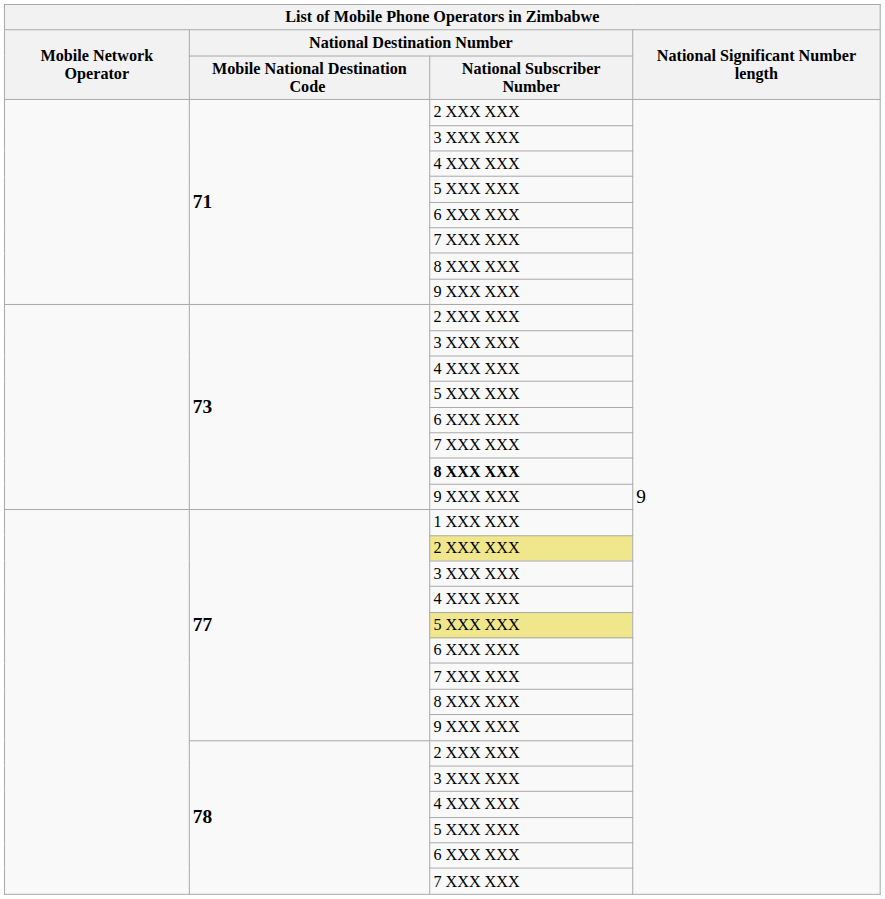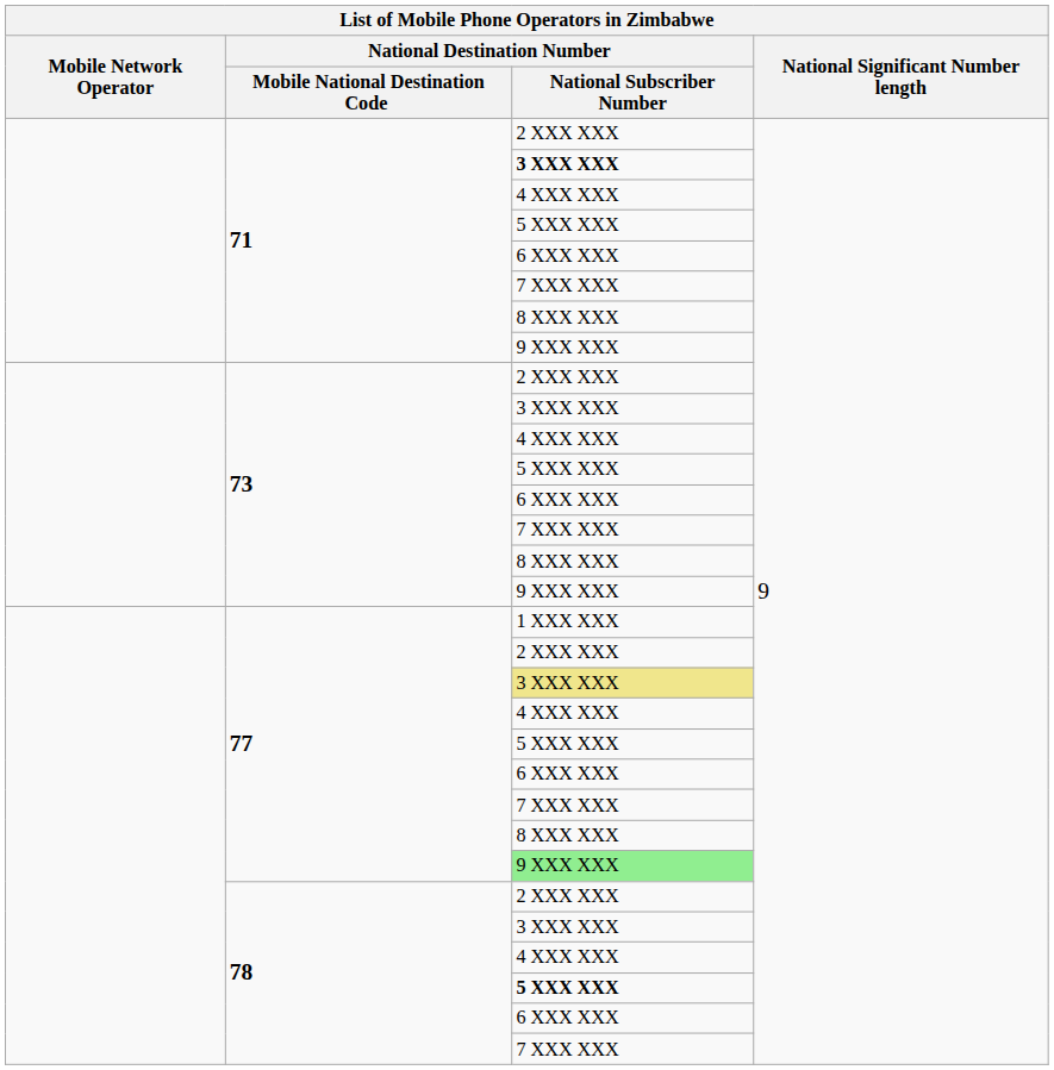 <table class="wikitable">
 <tr>
 <th colspan="4"><strong>List of Mobile Phone Operators in Zimbabwe</strong></th>
 </tr>
 <tr>
 <th rowspan="2">Mobile Network Operator</th>
 <th colspan="2"><strong>National Destination Number</strong></th>
 <th rowspan="2">National Significant Number length</th>
 </tr>
 <tr>
 <th>Mobile National Destination Code </th>
 <th>National Subscriber Number</th>
 </tr>
 <tr>
 <td rowspan="8"><strong></strong></td>
 <td rowspan="8"><big><strong>71</strong></big></td>
 <td>2 XXX XXX</td>
 <td rowspan="31"><big>9</big></td>
 </tr>
 <tr>
-<td>3 XXX XXX</td>
+<td><strong>3 XXX XXX</strong></td>
 </tr>
 <tr>
 <td>4 XXX XXX</td>
 </tr>
 <tr>
 <td>5 XXX XXX</td>
 </tr>
 <tr>
 <td>6 XXX XXX</td>
 </tr>
 <tr>
 <td>7 XXX XXX</td>
 </tr>
 <tr>
 <td>8 XXX XXX</td>
 </tr>
 <tr>
 <td>9 XXX XXX</td>
 </tr>
 <tr>
 <td rowspan="8"><strong></strong></td>
 <td rowspan="8"><big><strong>73</strong></big></td>
 <td>2 XXX XXX</td>
 </tr>
 <tr>
 <td>3 XXX XXX</td>
 </tr>
 <tr>
 <td>4 XXX XXX</td>
 </tr>
 <tr>
 <td>5 XXX XXX</td>
 </tr>
 <tr>
 <td>6 XXX XXX</td>
 </tr>
 <tr>
 <td>7 XXX XXX</td>
 </tr>
 <tr>
-<td><strong>8 XXX XXX</strong></td>
+<td>8 XXX XXX</td>
 </tr>
 <tr>
 <td>9 XXX XXX</td>
 </tr>
 <tr>
 <td rowspan="15"><strong></strong></td>
 <td rowspan="9"><big><strong>77</strong></big></td>
 <td>1 XXX XXX</td>
 </tr>
 <tr>
-<td style="background: khaki;">2 XXX XXX</td>
-</tr>
-<tr>
-<td>3 XXX XXX</td>
-</tr>
-<tr>
-<td>4 XXX XXX</td>
-</tr>
-<tr>
-<td style="background: khaki;">5 XXX XXX</td>
-</tr>
-<tr>
-<td>6 XXX XXX</td>
-</tr>
-<tr>
-<td>7 XXX XXX</td>
-</tr>
-<tr>
-<td>8 XXX XXX</td>
-</tr>
-<tr>
-<td>9 XXX XXX</td>
-</tr>
-<tr>
-<td rowspan="6"><big><strong>78</strong></big></td>
 <td>2 XXX XXX</td>
 </tr>
 <tr>
-<td>3 XXX XXX</td>
+<td style="background: khaki;">3 XXX XXX</td>
 </tr>
 <tr>
 <td>4 XXX XXX</td>
 </tr>
 <tr>
 <td>5 XXX XXX</td>
 </tr>
 <tr>
 <td>6 XXX XXX</td>
 </tr>
 <tr>
 <td>7 XXX XXX</td>
 </tr>
+<tr>
+<td>8 XXX XXX</td>
+</tr>
+<tr>
+<td style="background: lightgreen;">9 XXX XXX</td>
+</tr>
+<tr>
+<td rowspan="6"><big><strong>78</strong></big></td>
+<td>2 XXX XXX</td>
+</tr>
+<tr>
+<td>3 XXX XXX</td>
+</tr>
+<tr>
+<td>4 XXX XXX</td>
+</tr>
+<tr>
+<td><strong>5 XXX XXX</strong></td>
+</tr>
+<tr>
+<td>6 XXX XXX</td>
+</tr>
+<tr>
+<td>7 XXX XXX</td>
+</tr>
 </table>
